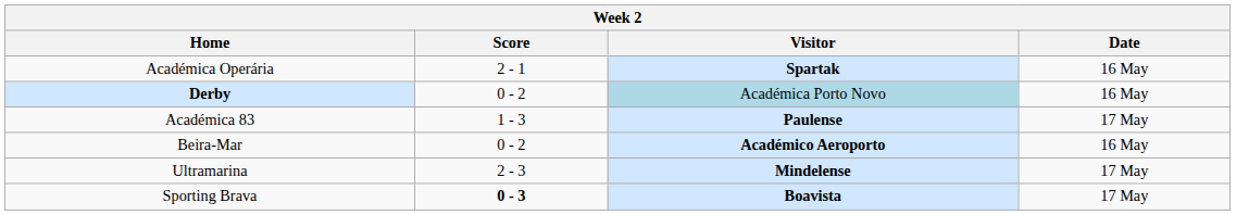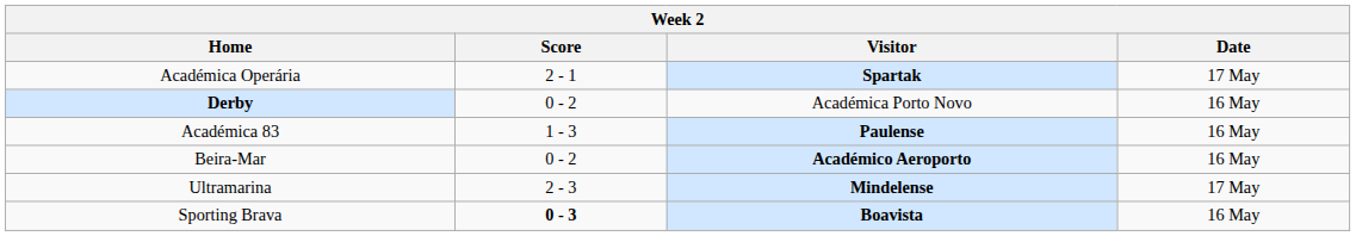 <table class="wikitable" style="margin:1em auto; font-size:95%; text-align: center; width: 95%;">
 <tr>
 <th colspan="12" style="with: 100%;">Week 2</th>
 </tr>
 <tr>
 <th width="200">Home</th>
 <th width="90">Score</th>
 <th width="200">Visitor</th>
 <th width="100">Date</th>
 </tr>
 <tr>
 <td>Académica Operária</td>
 <td>2 - 1</td>
 <td bgcolor=#D0E7FF><strong>Spartak</strong></td>
-<td>16 May</td>
+<td>17 May</td>
 </tr>
 <tr>
 <td bgcolor=#D0E7FF><strong>Derby</strong></td>
 <td>0 - 2</td>
-<td style="background: lightblue;">Académica Porto Novo</td>
+<td>Académica Porto Novo</td>
 <td>16 May</td>
 </tr>
 <tr>
 <td>Académica 83</td>
 <td>1 - 3</td>
 <td bgcolor=#D0E7FF><strong>Paulense</strong></td>
-<td>17 May</td>
+<td>16 May</td>
 </tr>
 <tr>
 <td>Beira-Mar</td>
 <td>0 - 2</td>
 <td bgcolor=#D0E7FF><strong>Académico Aeroporto</strong></td>
 <td>16 May</td>
 </tr>
 <tr>
 <td>Ultramarina</td>
 <td>2 - 3</td>
 <td bgcolor=#D0E7FF><strong>Mindelense</strong></td>
 <td>17 May</td>
 </tr>
 <tr>
 <td>Sporting Brava</td>
 <td><strong>0 - 3</strong></td>
 <td bgcolor=#D0E7FF><strong>Boavista</strong></td>
-<td>17 May</td>
+<td>16 May</td>
 </tr>
 </table>
